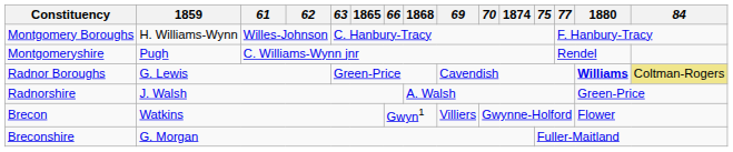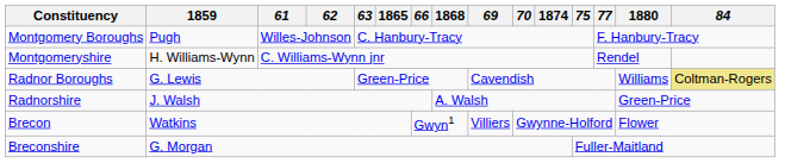 <table class="wikitable">
 <tr>
 <th>Constituency</th>
 <th>1859</th>
 <th><em>61</em></th>
 <th><em>62</em></th>
 <th><em>63</em></th>
 <th>1865</th>
 <th><em>66</em></th>
 <th>1868</th>
 <th><em>69</em></th>
 <th><em>70</em></th>
 <th>1874</th>
 <th><em>75</em></th>
 <th><em>77</em></th>
 <th>1880</th>
 <th><em>84</em></th>
 </tr>
 <tr>
 <td><a href='#'>Montgomery Boroughs</a></td>
-<td>H. Williams-Wynn</td>
+<td><a href='#'>Pugh</a></td>
 <td colspan="2"><a href='#'>Willes-Johnson</a></td>
 <td colspan="8"><a href='#'>C. Hanbury-Tracy</a></td>
 <td colspan="3"><a href='#'>F. Hanbury-Tracy</a></td>
 </tr>
 <tr>
 <td><a href='#'>Montgomeryshire</a></td>
-<td><a href='#'>Pugh</a></td>
+<td>H. Williams-Wynn</td>
 <td colspan="10"><a href='#'>C. Williams-Wynn jnr</a></td>
 <td colspan="2"><a href='#'>Rendel</a></td>
 </tr>
 <tr>
 <td><a href='#'>Radnor Boroughs</a></td>
 <td colspan="3"><a href='#'>G. Lewis</a></td>
 <td colspan="4"><a href='#'>Green-Price</a></td>
 <td colspan="5"><a href='#'>Cavendish</a></td>
-<td><strong><a href='#'>Williams</a></strong></td>
+<td><a href='#'>Williams</a></td>
 <td style="background: khaki;">Coltman-Rogers</td>
 </tr>
 <tr>
 <td><a href='#'>Radnorshire</a></td>
 <td colspan="6"><a href='#'>J. Walsh</a></td>
 <td colspan="6"><a href='#'>A. Walsh</a></td>
 <td colspan="2"><a href='#'>Green-Price</a></td>
 </tr>
 <tr>
 <td><a href='#'>Brecon</a></td>
 <td colspan="5"><a href='#'>Watkins</a></td>
 <td colspan="2"><a href='#'>Gwyn</a><sup>1</sup></td>
 <td><a href='#'>Villiers</a></td>
 <td colspan="4"><a href='#'>Gwynne-Holford</a></td>
 <td colspan="2"><a href='#'>Flower</a></td>
 </tr>
 <tr>
 <td><a href='#'>Breconshire</a></td>
 <td colspan="10"><a href='#'>G. Morgan</a></td>
 <td colspan="4"><a href='#'>Fuller-Maitland</a></td>
 </tr>
 </table>
